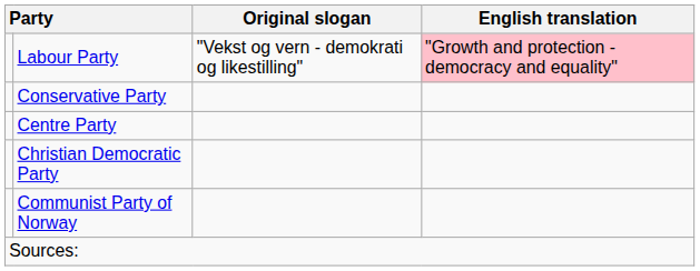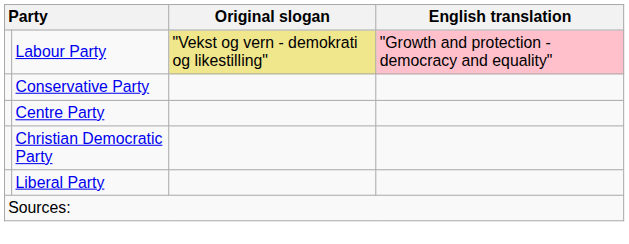 <table class="wikitable" style="font-size:97%; text-align:left">
 <tr>
 <th colspan="2" style="text-align:left;">Party</th>
 <th>Original slogan</th>
 <th>English translation</th>
 </tr>
 <tr>
 <td style="background:"></td>
 <td><a href='#'>Labour Party</a></td>
-<td>"Vekst og vern - demokrati og likestilling"</td>
+<td style="background: khaki;">"Vekst og vern - demokrati og likestilling"</td>
 <td style="background: pink;">"Growth and protection - democracy and equality"</td>
 </tr>
 <tr>
 <td style="background:"></td>
 <td><a href='#'>Conservative Party</a></td>
 <td></td>
 <td></td>
 </tr>
 <tr>
 <td style="background:"></td>
 <td><a href='#'>Centre Party</a></td>
 <td></td>
 <td></td>
 </tr>
 <tr>
 <td style="background:"></td>
 <td><a href='#'>Christian Democratic Party</a></td>
 <td></td>
 <td></td>
 </tr>
 <tr>
 <td style="background:"></td>
-<td><a href='#'>Communist Party of Norway</a></td>
+<td><a href='#'>Liberal Party</a></td>
 <td></td>
 <td></td>
 </tr>
 <tr>
 <td colspan="4">Sources: </td>
 </tr>
 </table>
